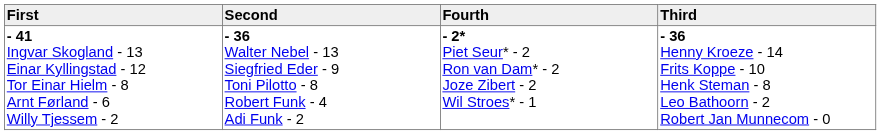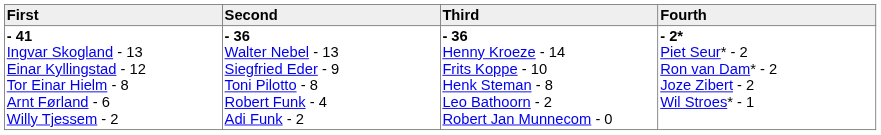 <table border=1 cellpadding=2 cellspacing=0 width=75% style="border-collapse:collapse">
 <tr align=left style="background:#efefef;">
 <th width=20%>First</th>
 <th width=20%>Second</th>
+<th width=20%>Third</th>
 <th width=20%>Fourth</th>
-<th width=20%>Third</th>
 </tr>
 <tr align=left>
 <td valign=top><strong> - 41</strong><br><a href='#'>Ingvar Skogland</a> - 13 <br><a href='#'>Einar Kyllingstad</a> - 12 <br><a href='#'>Tor Einar Hielm</a> - 8 <br><a href='#'>Arnt Førland</a> - 6 <br><a href='#'>Willy Tjessem</a> - 2</td>
 <td valign=top><strong> - 36</strong><br><a href='#'>Walter Nebel</a> - 13 <br><a href='#'>Siegfried Eder</a> - 9 <br><a href='#'>Toni Pilotto</a> - 8 <br><a href='#'>Robert Funk</a> - 4 <br><a href='#'>Adi Funk</a> - 2</td>
+<td valign=top><strong> - 36</strong><br><a href='#'>Henny Kroeze</a> - 14 <br><a href='#'>Frits Koppe</a> - 10 <br><a href='#'>Henk Steman</a> - 8 <br><a href='#'>Leo Bathoorn</a> - 2 <br><a href='#'>Robert Jan Munnecom</a> - 0</td>
 <td valign=top><strong> - 2*</strong><br><a href='#'>Piet Seur</a>* - 2 <br><a href='#'>Ron van Dam</a>* - 2 <br><a href='#'>Joze Zibert</a> - 2 <br><a href='#'>Wil Stroes</a>* - 1</td>
-<td valign=top><strong> - 36</strong><br><a href='#'>Henny Kroeze</a> - 14 <br><a href='#'>Frits Koppe</a> - 10 <br><a href='#'>Henk Steman</a> - 8 <br><a href='#'>Leo Bathoorn</a> - 2 <br><a href='#'>Robert Jan Munnecom</a> - 0</td>
 </tr>
 </table>
